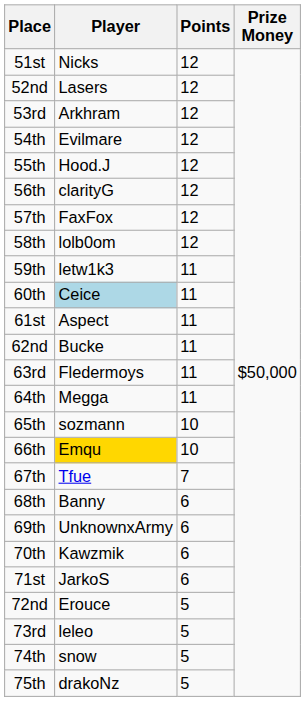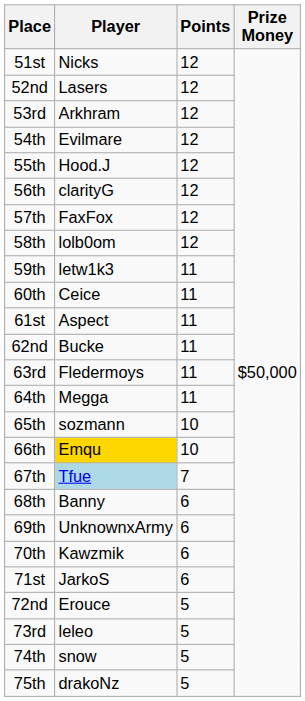 <table class="wikitable" style="display: inline-table;width: 20%; margin-left: 5px;text-align:left">
 <tr>
 <th>Place</th>
 <th>Player</th>
 <th>Points</th>
 <th style="width: 82.5px;">Prize Money</th>
 </tr>
 <tr>
 <td style="text-align:center">51st</td>
 <td>Nicks</td>
 <td>12</td>
 <td style="text-align:right" rowspan="25">$50,000</td>
 </tr>
 <tr>
 <td style="text-align:center">52nd</td>
 <td>Lasers</td>
 <td>12</td>
 </tr>
 <tr>
 <td style="text-align:center">53rd</td>
 <td>Arkhram</td>
 <td>12</td>
 </tr>
 <tr>
 <td style="text-align:center">54th</td>
 <td>Evilmare</td>
 <td>12</td>
 </tr>
 <tr>
 <td style="text-align:center">55th</td>
 <td>Hood.J</td>
 <td>12</td>
 </tr>
 <tr>
 <td style="text-align:center">56th</td>
 <td>clarityG</td>
 <td>12</td>
 </tr>
 <tr>
 <td style="text-align:center">57th</td>
 <td>FaxFox</td>
 <td>12</td>
 </tr>
 <tr>
 <td style="text-align:center">58th</td>
 <td>lolb0om</td>
 <td>12</td>
 </tr>
 <tr>
 <td style="text-align:center">59th</td>
 <td>letw1k3</td>
 <td>11</td>
 </tr>
 <tr>
 <td style="text-align:center">60th</td>
-<td style="background: lightblue;">Ceice</td>
+<td>Ceice</td>
 <td>11</td>
 </tr>
 <tr>
 <td style="text-align:center">61st</td>
 <td>Aspect</td>
 <td>11</td>
 </tr>
 <tr>
 <td style="text-align:center">62nd</td>
 <td>Bucke</td>
 <td>11</td>
 </tr>
 <tr>
 <td style="text-align:center">63rd</td>
 <td>Fledermoys</td>
 <td>11</td>
 </tr>
 <tr>
 <td style="text-align:center">64th</td>
 <td>Megga</td>
 <td>11</td>
 </tr>
 <tr>
 <td style="text-align:center">65th</td>
 <td>sozmann</td>
 <td>10</td>
 </tr>
 <tr>
 <td style="text-align:center">66th</td>
 <td style="background: gold;">Emqu</td>
 <td>10</td>
 </tr>
 <tr>
 <td style="text-align:center">67th</td>
-<td><a href='#'>Tfue</a></td>
+<td style="background: lightblue;"><a href='#'>Tfue</a></td>
 <td>7</td>
 </tr>
 <tr>
 <td style="text-align:center">68th</td>
 <td>Banny</td>
 <td>6</td>
 </tr>
 <tr>
 <td style="text-align:center">69th</td>
 <td>UnknownxArmy</td>
 <td>6</td>
 </tr>
 <tr>
 <td style="text-align:center">70th</td>
 <td>Kawzmik</td>
 <td>6</td>
 </tr>
 <tr>
 <td style="text-align:center">71st</td>
 <td>JarkoS</td>
 <td>6</td>
 </tr>
 <tr>
 <td style="text-align:center">72nd</td>
 <td>Erouce</td>
 <td>5</td>
 </tr>
 <tr>
 <td style="text-align:center">73rd</td>
 <td>leleo</td>
 <td>5</td>
 </tr>
 <tr>
 <td style="text-align:center">74th</td>
 <td>snow</td>
 <td>5</td>
 </tr>
 <tr>
 <td style="text-align:center">75th</td>
 <td>drakoNz</td>
 <td>5</td>
 </tr>
 </table>
